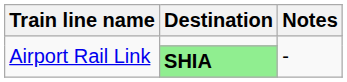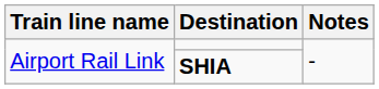 <table class="wikitable">
 <tr>
 <th>Train line name</th>
 <th>Destination</th>
 <th>Notes</th>
 </tr>
 <tr>
 <td rowspan="2"> <a href='#'>Airport Rail Link</a></td>
 <td></td>
 <td rowspan="2">-</td>
 </tr>
 <tr>
-<td style="background: lightgreen;"><strong>SHIA</strong></td>
+<td><strong>SHIA</strong></td>
 </tr>
 </table>
